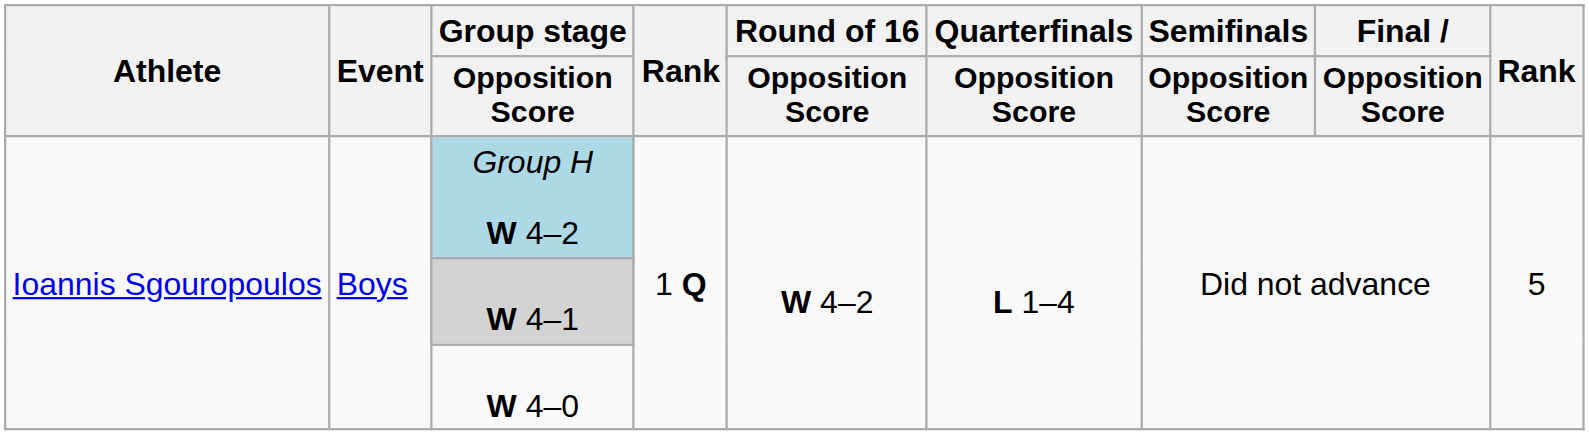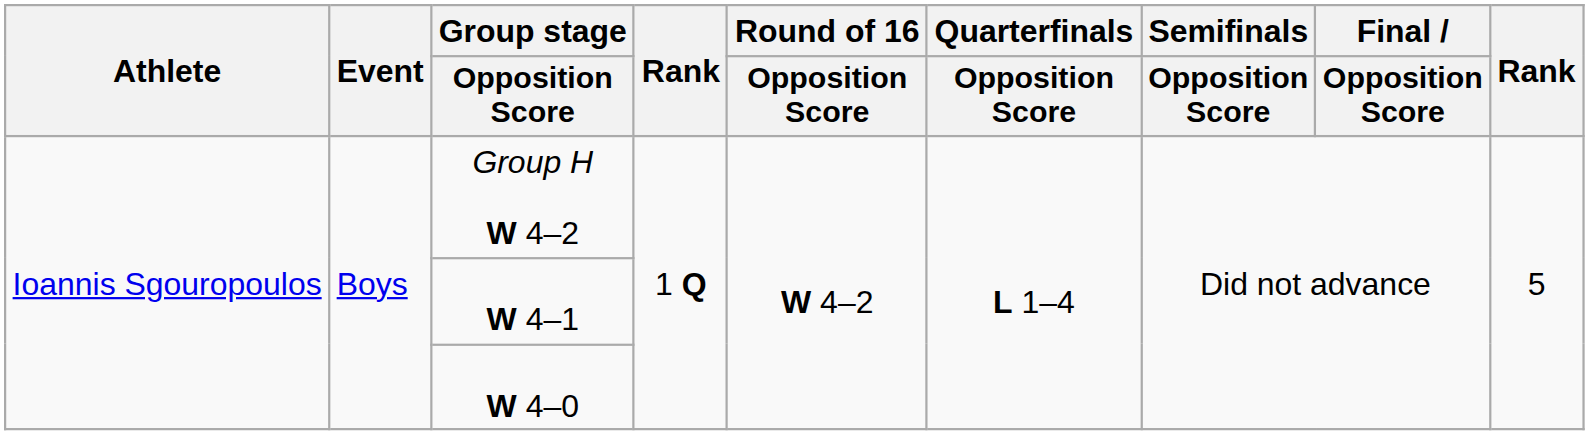 <table class=wikitable style="font-size:90%">
 <tr>
 <th rowspan="2">Athlete</th>
 <th rowspan="2">Event</th>
 <th>Group stage</th>
 <th rowspan="2">Rank</th>
 <th>Round of 16</th>
 <th>Quarterfinals</th>
 <th>Semifinals</th>
 <th>Final / </th>
 <th rowspan=2>Rank</th>
 </tr>
 <tr style="font-size:95%">
 <th>Opposition<br>Score</th>
 <th>Opposition<br>Score</th>
 <th>Opposition<br>Score</th>
 <th>Opposition<br>Score</th>
 <th>Opposition<br>Score</th>
 </tr>
 <tr align=center>
 <td align=left rowspan=3><a href='#'>Ioannis Sgouropoulos</a></td>
 <td align=left rowspan=3><a href='#'>Boys</a></td>
-<td style="background: lightblue;"><em>Group H</em><br><br><strong>W</strong> 4–2</td>
+<td><em>Group H</em><br><br><strong>W</strong> 4–2</td>
 <td rowspan=3>1 <strong>Q</strong></td>
 <td rowspan=3><br><strong>W</strong> 4–2</td>
 <td rowspan=3><br><strong>L</strong> 1–4</td>
 <td rowspan=3 colspan=2>Did not advance</td>
 <td rowspan=3>5</td>
 </tr>
 <tr align=center>
-<td style="background: lightgrey;"><br><strong>W</strong> 4–1</td>
+<td><br><strong>W</strong> 4–1</td>
 </tr>
 <tr align=center>
 <td><br><strong>W</strong> 4–0</td>
 </tr>
 </table>
